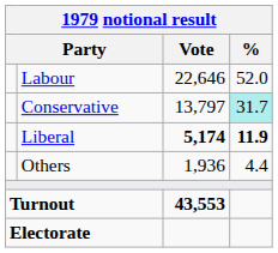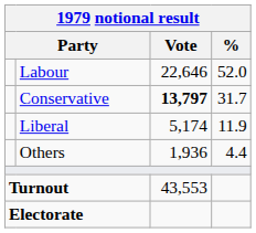 <table class="wikitable">
 <tr>
 <th colspan="4"><a href='#'>1979</a> <a href='#'>notional result</a></th>
 </tr>
 <tr>
 <th bgcolor="#DDDDFF" width="130px" colspan="2">Party</th>
 <th bgcolor="#DDDDFF" width="50px">Vote</th>
 <th bgcolor="#DDDDFF" width="30px">%</th>
 </tr>
 <tr>
 <td></td>
 <td><a href='#'>Labour</a></td>
 <td align=right>22,646</td>
 <td align=right>52.0</td>
 </tr>
 <tr>
 <td></td>
 <td><a href='#'>Conservative</a></td>
-<td align=right>13,797</td>
-<td align=right style="background: paleturquoise;">31.7</td>
+<td align=right><strong>13,797</strong></td>
+<td align=right>31.7</td>
 </tr>
 <tr>
 <td></td>
 <td><a href='#'>Liberal</a></td>
-<td align=right><strong>5,174</strong></td>
-<td align=right><strong>11.9</strong></td>
+<td align=right>5,174</td>
+<td align=right>11.9</td>
 </tr>
 <tr>
 <td></td>
 <td>Others</td>
 <td align=right>1,936</td>
 <td align=right>4.4</td>
 </tr>
 <tr>
 <td colspan="4" bgcolor="#EAECF0"></td>
 </tr>
 <tr>
 <td colspan="2"><strong>Turnout</strong></td>
-<td align=right><strong>43,553</strong></td>
+<td align=right>43,553</td>
 <td align=right></td>
 </tr>
 <tr>
 <td colspan="2"><strong>Electorate</strong></td>
 <td align=right></td>
 </tr>
 </table>
